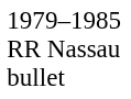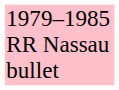 <table style="width:80px;">
 <tr>
 <td></td>
 </tr>
 <tr>
-<td><div>1979–1985 RR Nassau bullet</div></td>
+<td style="background: pink;"><div>1979–1985 RR Nassau bullet</div></td>
 </tr>
 </table>
